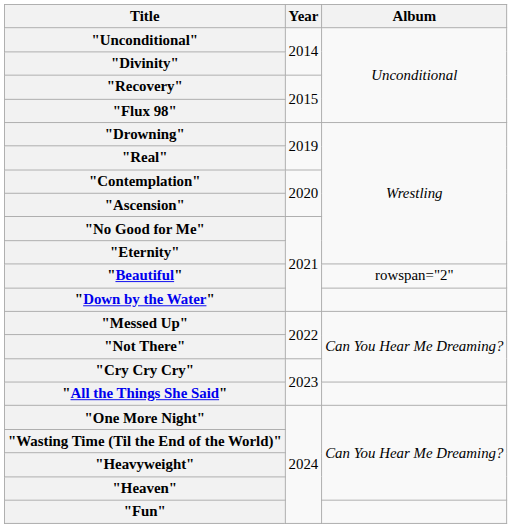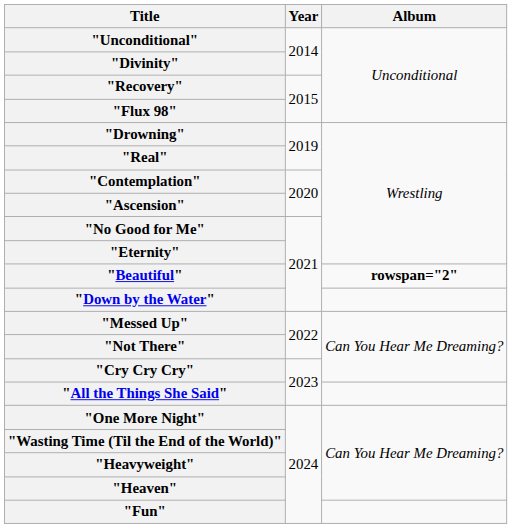 <table class="wikitable plainrowheaders" style="text-align:center;">
 <tr>
 <th scope="col">Title</th>
 <th scope="col">Year</th>
 <th scope="col">Album</th>
 </tr>
 <tr>
 <th scope="row">"Unconditional"</th>
 <td rowspan="2">2014</td>
 <td rowspan="4"><em>Unconditional</em></td>
 </tr>
 <tr>
 <th scope="row">"Divinity"</th>
 </tr>
 <tr>
 <th scope="row">"Recovery"</th>
 <td rowspan="2">2015</td>
 </tr>
 <tr>
 <th scope="row">"Flux 98"</th>
 </tr>
 <tr>
 <th scope="row">"Drowning"</th>
 <td rowspan="2">2019</td>
 <td rowspan="6"><em>Wrestling</em></td>
 </tr>
 <tr>
 <th scope="row">"Real"</th>
 </tr>
 <tr>
 <th scope="row">"Contemplation"</th>
 <td rowspan="2">2020</td>
 </tr>
 <tr>
 <th scope="row">"Ascension"</th>
 </tr>
 <tr>
 <th scope="row">"No Good for Me"</th>
 <td rowspan="4">2021</td>
 </tr>
 <tr>
 <th scope="row">"Eternity"</th>
 </tr>
 <tr>
 <th scope="row">"<a href='#'>Beautiful</a>"</th>
-<td>rowspan="2" </td>
+<td><strong>rowspan="2" </strong></td>
 </tr>
 <tr>
 <th scope="row">"<a href='#'>Down by the Water</a>"</th>
 </tr>
 <tr>
 <th scope="row">"Messed Up"</th>
 <td rowspan="2">2022</td>
 <td rowspan="3"><em>Can You Hear Me Dreaming?</em></td>
 </tr>
 <tr>
 <th scope="row">"Not There"</th>
 </tr>
 <tr>
 <th scope="row">"Cry Cry Cry"</th>
 <td rowspan="2">2023</td>
 </tr>
 <tr>
 <th scope="row">"<a href='#'>All the Things She Said</a>"</th>
 <td></td>
 </tr>
 <tr>
 <th scope="row">"One More Night"<br></th>
 <td rowspan="5">2024</td>
 <td rowspan="4"><em>Can You Hear Me Dreaming?</em></td>
 </tr>
 <tr>
 <th scope="row">"Wasting Time (Til the End of the World)"</th>
 </tr>
 <tr>
 <th scope="row">"Heavyweight"</th>
 </tr>
 <tr>
 <th scope="row">"Heaven"</th>
 </tr>
 <tr>
 <th scope="row">"Fun"</th>
 <td></td>
 </tr>
 </table>
